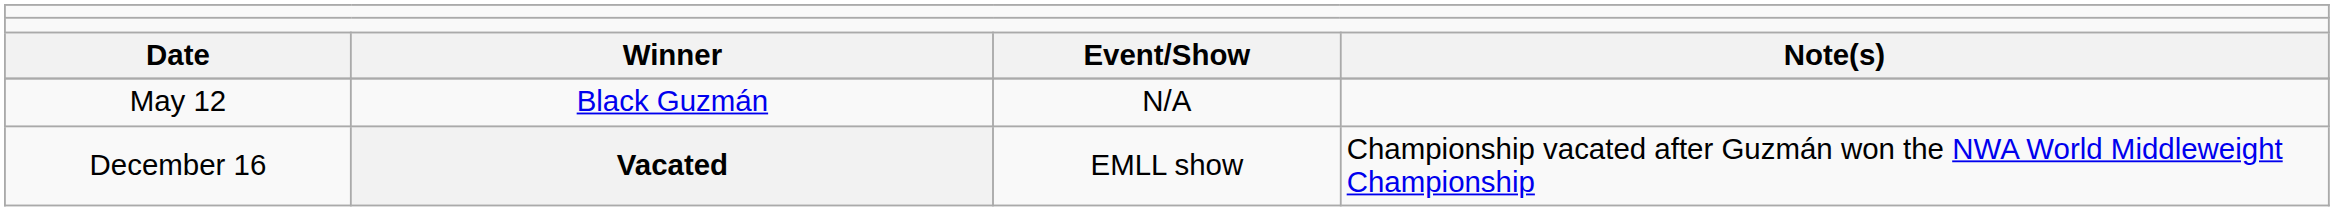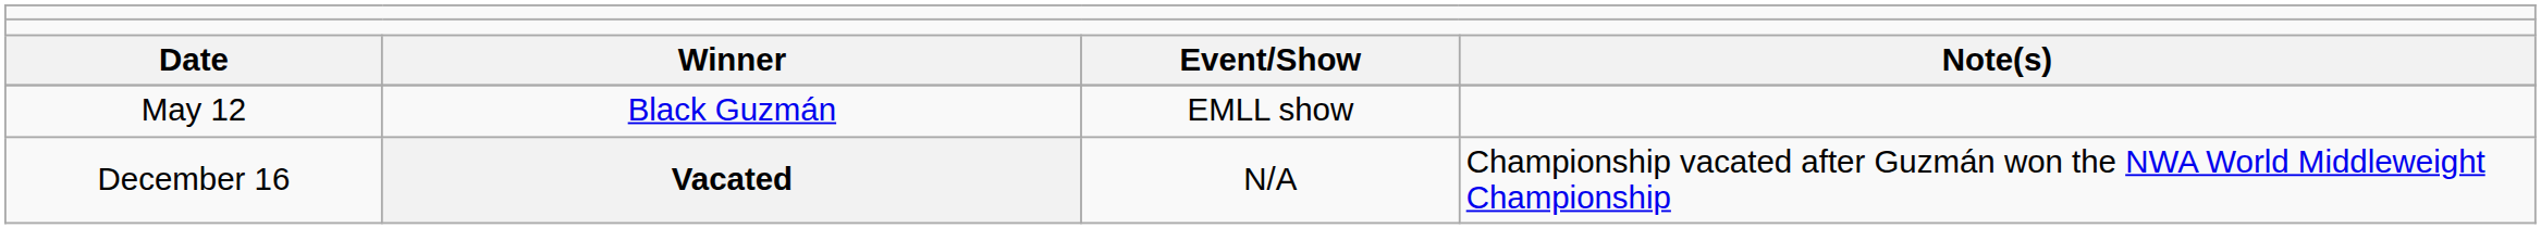 <table class="wikitable" style="text-align:center; width:100%;">
 <tr>
 <td colspan=5></td>
 </tr>
 <tr>
 <td colspan=5><strong></strong></td>
 </tr>
 <tr>
 <th width=14%>Date</th>
 <th width=26%>Winner</th>
 <th width=14%>Event/Show</th>
 <th width=40%>Note(s)</th>
 </tr>
 <tr>
 </tr>
 <tr>
 <td>May 12</td>
 <td><a href='#'>Black Guzmán</a></td>
-<td>N/A</td>
+<td>EMLL show</td>
 <td align=left></td>
 </tr>
 <tr>
 <td>December 16</td>
 <th>Vacated</th>
-<td>EMLL show</td>
+<td>N/A</td>
 <td align=left>Championship vacated after Guzmán won the <a href='#'>NWA World Middleweight Championship</a></td>
 </tr>
 </table>
